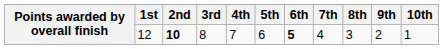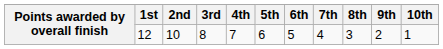 <table class="wikitable" width="100%" align=center style="font-size:90%; max-width: 500px;">
 <tr>
 </tr>
 <tr style="background:#efefef;">
 <th rowspan=2 width=30%>Points awarded by overall finish</th>
 <th>1st</th>
 <th>2nd</th>
 <th>3rd</th>
 <th>4th</th>
 <th>5th</th>
 <th>6th</th>
 <th>7th</th>
 <th>8th</th>
 <th>9th</th>
 <th>10th</th>
 </tr>
 <tr>
 <td>12</td>
-<td><strong>10</strong></td>
+<td>10</td>
 <td>8</td>
 <td>7</td>
 <td>6</td>
-<td><strong>5</strong></td>
+<td>5</td>
 <td>4</td>
 <td>3</td>
 <td>2</td>
 <td>1</td>
 </tr>
 </table>
